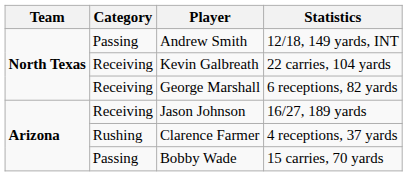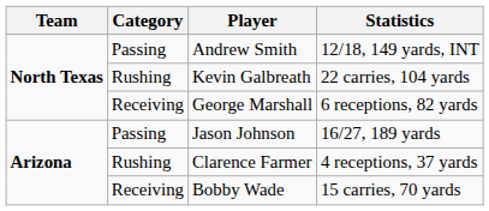 <table class="wikitable" style="float: right;">
 <tr>
 <th>Team</th>
 <th>Category</th>
 <th>Player</th>
 <th>Statistics</th>
 </tr>
 <tr>
 <td rowspan=3><strong>North Texas</strong></td>
 <td>Passing</td>
 <td>Andrew Smith</td>
 <td>12/18, 149 yards, INT</td>
 </tr>
 <tr>
-<td>Receiving</td>
+<td>Rushing</td>
 <td>Kevin Galbreath</td>
 <td>22 carries, 104 yards</td>
 </tr>
 <tr>
 <td>Receiving</td>
 <td>George Marshall</td>
 <td>6 receptions, 82 yards</td>
 </tr>
 <tr>
 <td rowspan=3><strong>Arizona</strong></td>
-<td>Receiving</td>
+<td>Passing</td>
 <td>Jason Johnson</td>
 <td>16/27, 189 yards</td>
 </tr>
 <tr>
 <td>Rushing</td>
 <td>Clarence Farmer</td>
 <td>4 receptions, 37 yards</td>
 </tr>
 <tr>
-<td>Passing</td>
+<td>Receiving</td>
 <td>Bobby Wade</td>
 <td>15 carries, 70 yards</td>
 </tr>
 </table>
